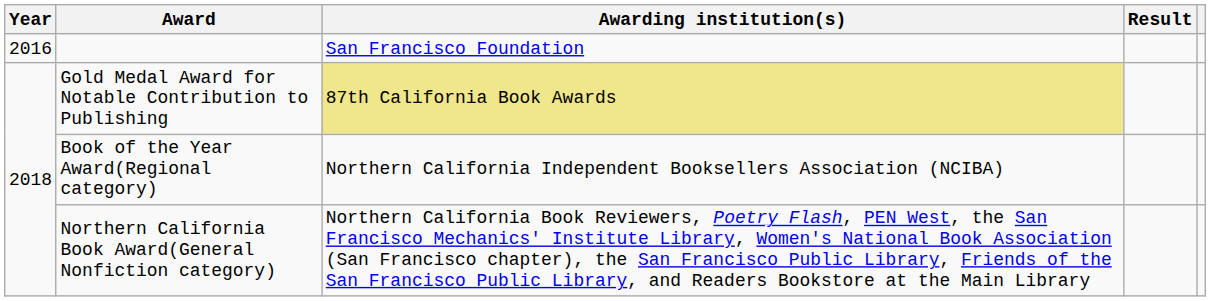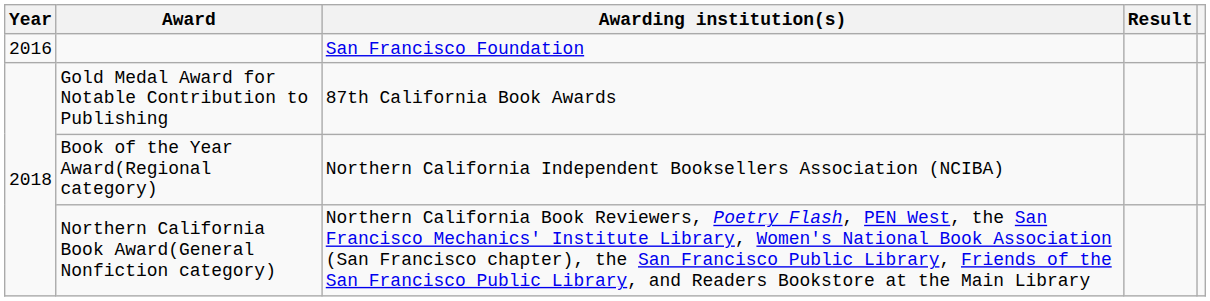 <table class="wikitable " style="table-layout: fixed; ">
 <tr>
 <th scope="col">Year</th>
 <th scope="col">Award</th>
 <th scope="col">Awarding institution(s)</th>
 <th scope="col">Result</th>
 <th scope="col"></th>
 </tr>
 <tr>
 <td>2016</td>
 <td></td>
 <td><a href='#'>San Francisco Foundation</a></td>
 <td></td>
 <td style="text-align:center;"></td>
 </tr>
 <tr>
 <td rowspan="3">2018</td>
 <td>Gold Medal Award for Notable Contribution to Publishing</td>
-<td style="background: khaki;">87th California Book Awards</td>
+<td>87th California Book Awards</td>
 <td></td>
 <td style="text-align:center;"></td>
 </tr>
 <tr>
 <td>Book of the Year Award(Regional category)</td>
 <td>Northern California Independent Booksellers Association (NCIBA)</td>
 <td></td>
 <td style="text-align:center;"></td>
 </tr>
 <tr>
 <td>Northern California Book Award(General Nonfiction category)</td>
 <td>Northern California Book Reviewers, <em><a href='#'>Poetry Flash</a></em>, <a href='#'>PEN West</a>, the <a href='#'>San Francisco Mechanics' Institute Library</a>, <a href='#'>Women's National Book Association</a> (San Francisco chapter), the <a href='#'>San Francisco Public Library</a>, <a href='#'>Friends of the San Francisco Public Library</a>, and Readers Bookstore at the Main Library</td>
 <td></td>
 <td style="text-align:center;"></td>
 </tr>
 </table>
